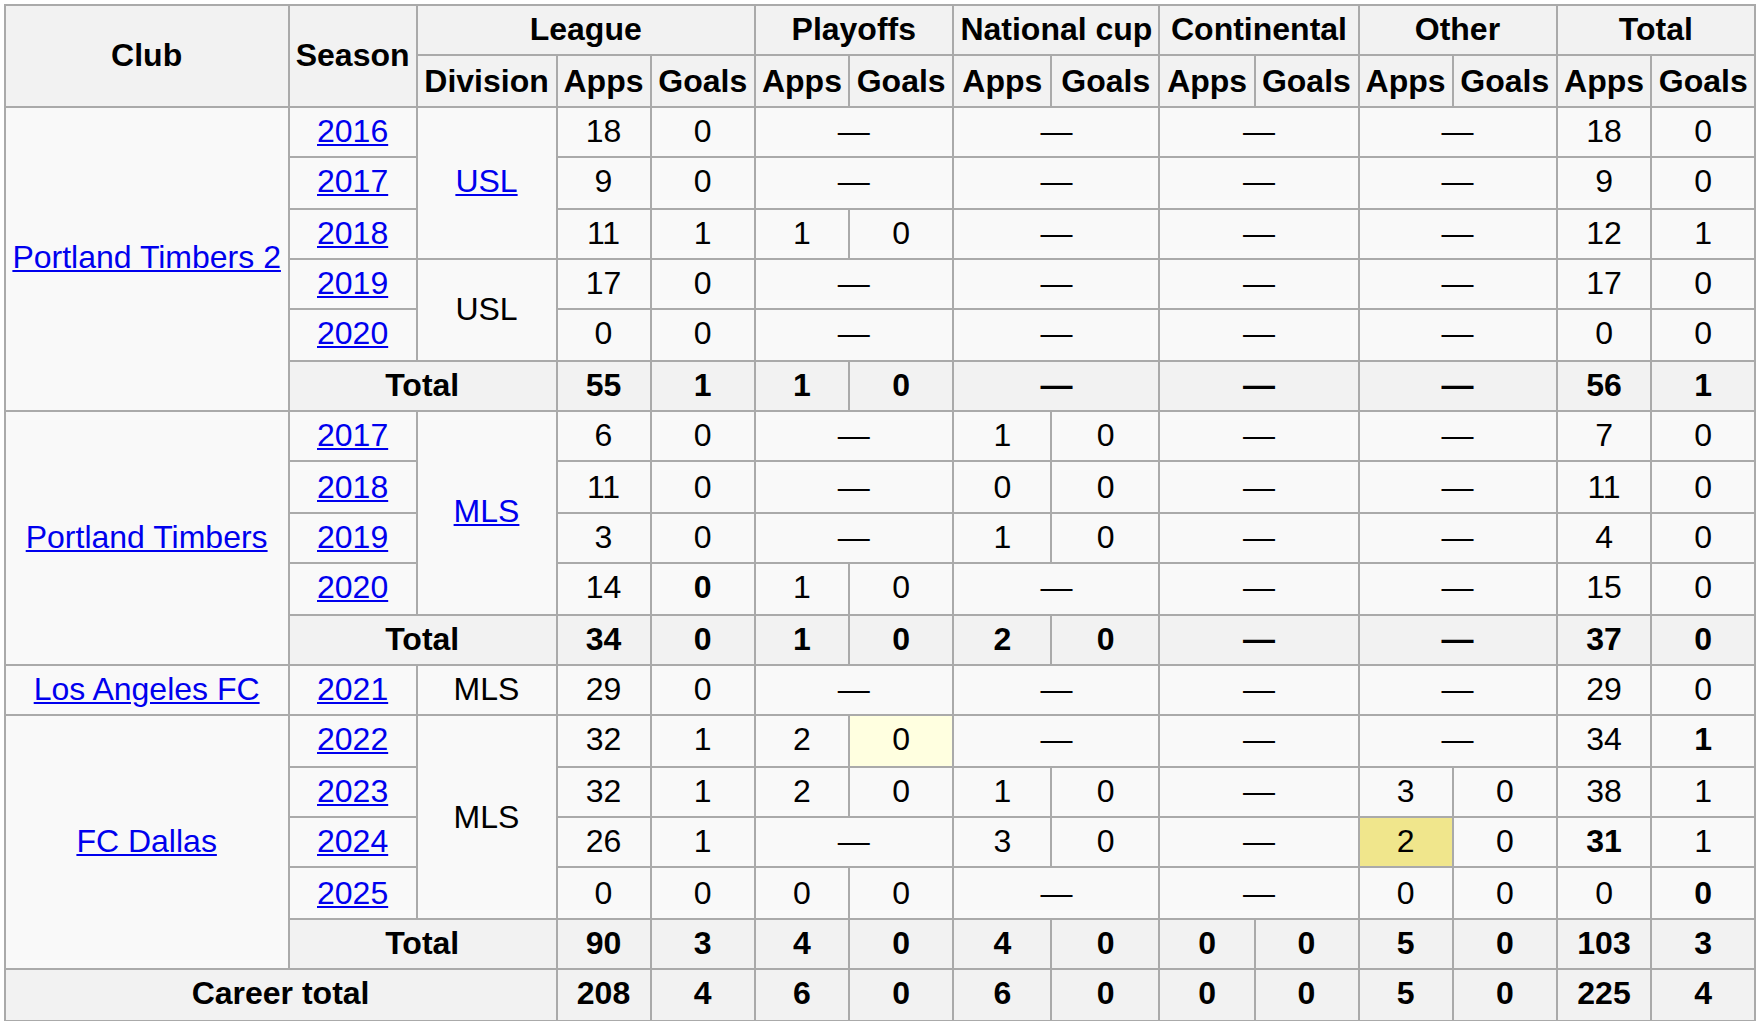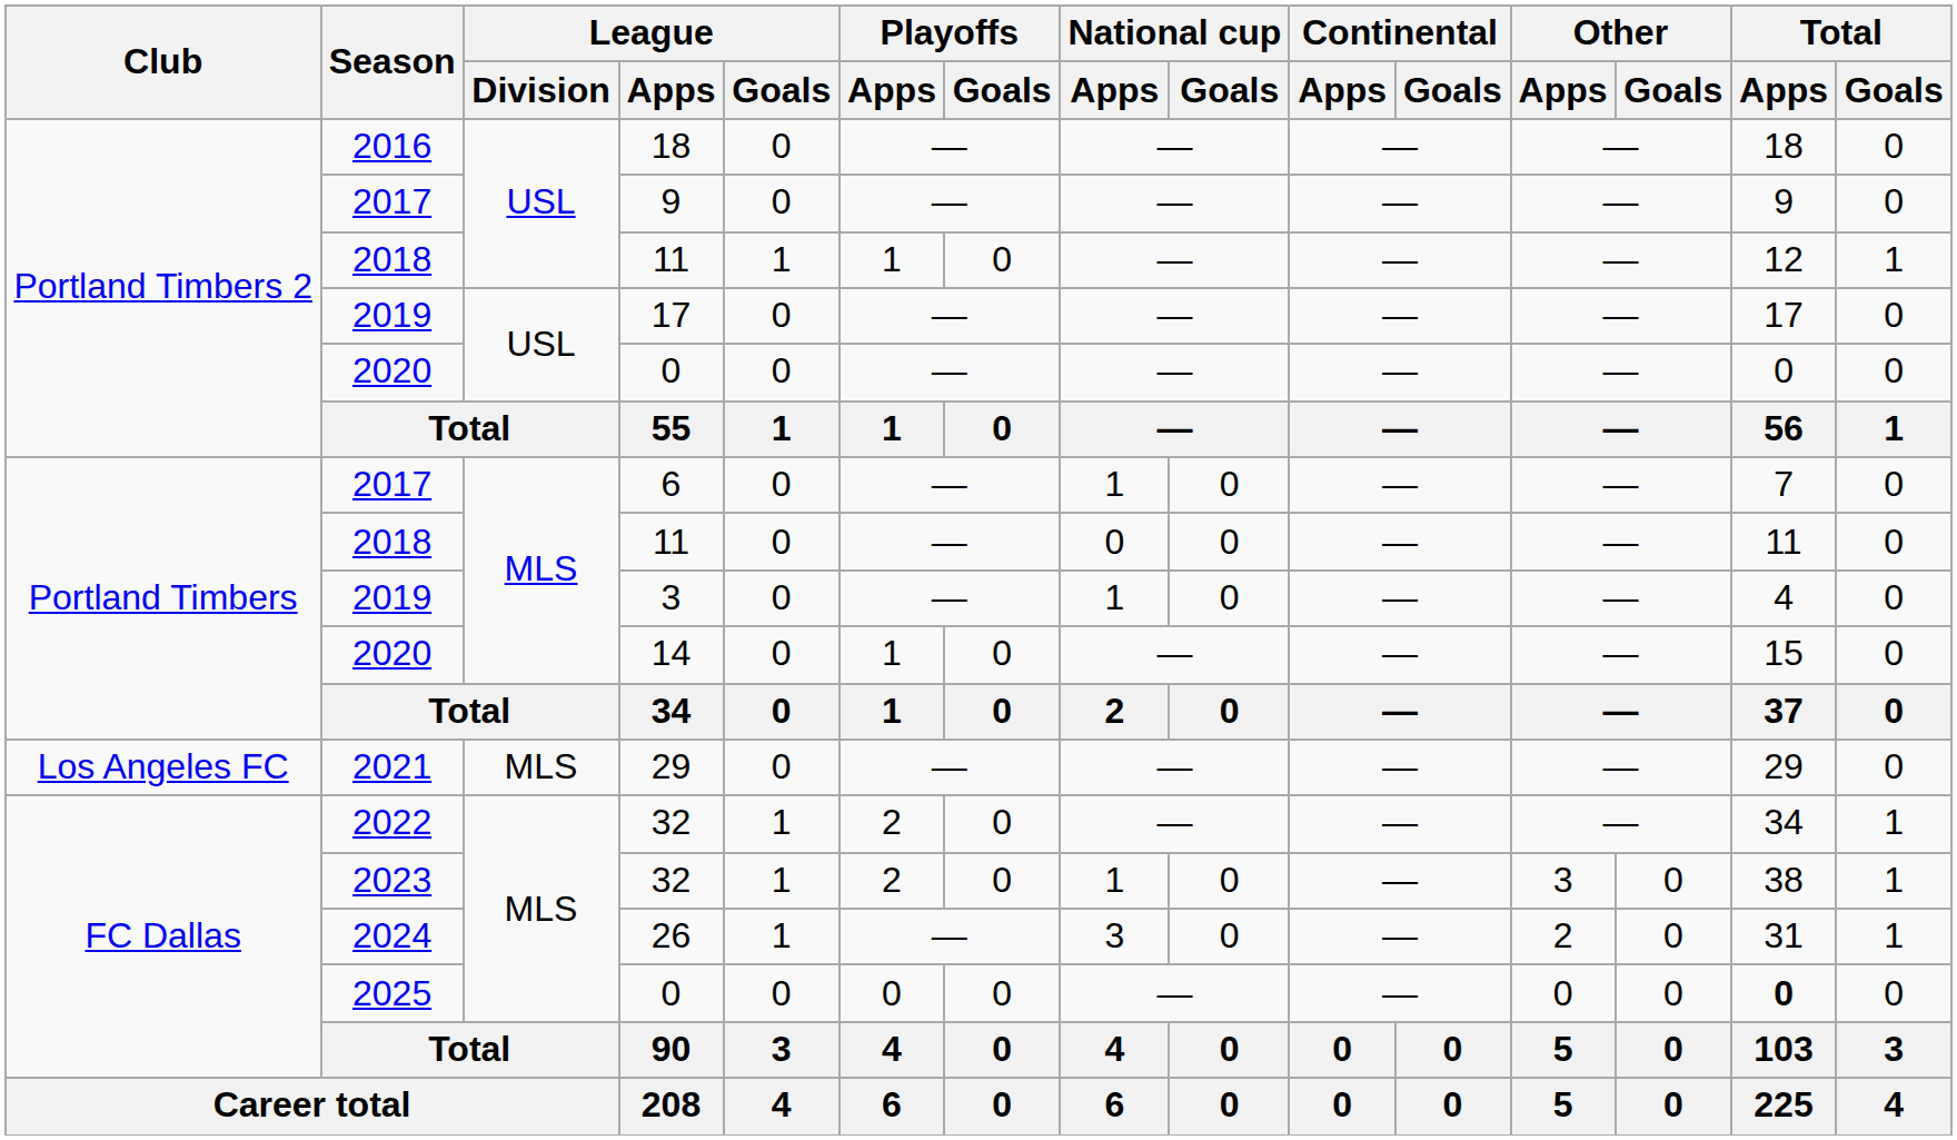 <table class="wikitable" style="text-align:center">
 <tr>
 <th rowspan="2">Club</th>
 <th rowspan="2">Season</th>
 <th colspan="3">League</th>
 <th colspan="2">Playoffs</th>
 <th colspan="2">National cup</th>
 <th colspan="2">Continental</th>
 <th colspan="2">Other</th>
 <th colspan="2">Total</th>
 </tr>
 <tr>
 <th>Division</th>
 <th>Apps</th>
 <th>Goals</th>
 <th>Apps</th>
 <th>Goals</th>
 <th>Apps</th>
 <th>Goals</th>
 <th>Apps</th>
 <th>Goals</th>
 <th>Apps</th>
 <th>Goals</th>
 <th>Apps</th>
 <th>Goals</th>
 </tr>
 <tr>
 <td rowspan="6"><a href='#'>Portland Timbers 2</a></td>
 <td><a href='#'>2016</a></td>
 <td rowspan="3"><a href='#'>USL</a></td>
 <td>18</td>
 <td>0</td>
 <td colspan="2">—</td>
 <td colspan="2">—</td>
 <td colspan="2">—</td>
 <td colspan="2">—</td>
 <td>18</td>
 <td>0</td>
 </tr>
 <tr>
 <td><a href='#'>2017</a></td>
 <td>9</td>
 <td>0</td>
 <td colspan="2">—</td>
 <td colspan="2">—</td>
 <td colspan="2">—</td>
 <td colspan="2">—</td>
 <td>9</td>
 <td>0</td>
 </tr>
 <tr>
 <td><a href='#'>2018</a></td>
 <td>11</td>
 <td>1</td>
 <td>1</td>
 <td>0</td>
 <td colspan="2">—</td>
 <td colspan="2">—</td>
 <td colspan="2">—</td>
 <td>12</td>
 <td>1</td>
 </tr>
 <tr>
 <td><a href='#'>2019</a></td>
 <td rowspan="2">USL</td>
 <td>17</td>
 <td>0</td>
 <td colspan="2">—</td>
 <td colspan="2">—</td>
 <td colspan="2">—</td>
 <td colspan="2">—</td>
 <td>17</td>
 <td>0</td>
 </tr>
 <tr>
 <td><a href='#'>2020</a></td>
 <td>0</td>
 <td>0</td>
 <td colspan="2">—</td>
 <td colspan="2">—</td>
 <td colspan="2">—</td>
 <td colspan="2">—</td>
 <td>0</td>
 <td>0</td>
 </tr>
 <tr>
 <th colspan="2">Total</th>
 <th>55</th>
 <th>1</th>
 <th>1</th>
 <th>0</th>
 <th colspan="2">—</th>
 <th colspan="2">—</th>
 <th colspan="2">—</th>
 <th>56</th>
 <th>1</th>
 </tr>
 <tr>
 <td rowspan="5"><a href='#'>Portland Timbers</a></td>
 <td><a href='#'>2017</a></td>
 <td rowspan="4"><a href='#'>MLS</a></td>
 <td>6</td>
 <td>0</td>
 <td colspan="2">—</td>
 <td>1</td>
 <td>0</td>
 <td colspan="2">—</td>
 <td colspan="2">—</td>
 <td>7</td>
 <td>0</td>
 </tr>
 <tr>
 <td><a href='#'>2018</a></td>
 <td>11</td>
 <td>0</td>
 <td colspan="2">—</td>
 <td>0</td>
 <td>0</td>
 <td colspan="2">—</td>
 <td colspan="2">—</td>
 <td>11</td>
 <td>0</td>
 </tr>
 <tr>
 <td><a href='#'>2019</a></td>
 <td>3</td>
 <td>0</td>
 <td colspan="2">—</td>
 <td>1</td>
 <td>0</td>
 <td colspan="2">—</td>
 <td colspan="2">—</td>
 <td>4</td>
 <td>0</td>
 </tr>
 <tr>
 <td><a href='#'>2020</a></td>
 <td>14</td>
-<td><strong>0</strong></td>
+<td>0</td>
 <td>1</td>
 <td>0</td>
 <td colspan="2">—</td>
 <td colspan="2">—</td>
 <td colspan="2">—</td>
 <td>15</td>
 <td>0</td>
 </tr>
 <tr>
 <th colspan="2">Total</th>
 <th>34</th>
 <th>0</th>
 <th>1</th>
 <th>0</th>
 <th>2</th>
 <th>0</th>
 <th colspan="2">—</th>
 <th colspan="2">—</th>
 <th>37</th>
 <th>0</th>
 </tr>
 <tr>
 <td><a href='#'>Los Angeles FC</a></td>
 <td><a href='#'>2021</a></td>
 <td>MLS</td>
 <td>29</td>
 <td>0</td>
 <td colspan="2">—</td>
 <td colspan="2">—</td>
 <td colspan="2">—</td>
 <td colspan="2">—</td>
 <td>29</td>
 <td>0</td>
 </tr>
 <tr>
 <td rowspan="5"><a href='#'>FC Dallas</a></td>
 <td><a href='#'>2022</a></td>
 <td rowspan="4">MLS</td>
 <td>32</td>
 <td>1</td>
 <td>2</td>
-<td style="background: lightyellow;">0</td>
+<td>0</td>
 <td colspan="2">—</td>
 <td colspan="2">—</td>
 <td colspan="2">—</td>
 <td>34</td>
-<td><strong>1</strong></td>
+<td>1</td>
 </tr>
 <tr>
 <td><a href='#'>2023</a></td>
 <td>32</td>
 <td>1</td>
 <td>2</td>
 <td>0</td>
 <td>1</td>
 <td>0</td>
 <td colspan="2">—</td>
 <td>3</td>
 <td>0</td>
 <td>38</td>
 <td>1</td>
 </tr>
 <tr>
 <td><a href='#'>2024</a></td>
 <td>26</td>
 <td>1</td>
 <td colspan="2">—</td>
 <td>3</td>
 <td>0</td>
 <td colspan="2">—</td>
-<td style="background: khaki;">2</td>
+<td>2</td>
 <td>0</td>
-<td><strong>31</strong></td>
+<td>31</td>
 <td>1</td>
 </tr>
 <tr>
 <td><a href='#'>2025</a></td>
 <td>0</td>
 <td>0</td>
 <td>0</td>
 <td>0</td>
 <td colspan="2">—</td>
 <td colspan="2">—</td>
 <td>0</td>
 <td>0</td>
+<td><strong>0</strong></td>
 <td>0</td>
-<td><strong>0</strong></td>
 </tr>
 <tr>
 <th colspan="2">Total</th>
 <th>90</th>
 <th>3</th>
 <th>4</th>
 <th>0</th>
 <th>4</th>
 <th>0</th>
 <th>0</th>
 <th>0</th>
 <th>5</th>
 <th>0</th>
 <th>103</th>
 <th>3</th>
 </tr>
 <tr>
 <th colspan="3">Career total</th>
 <th>208</th>
 <th>4</th>
 <th>6</th>
 <th>0</th>
 <th>6</th>
 <th>0</th>
 <th>0</th>
 <th>0</th>
 <th>5</th>
 <th>0</th>
 <th>225</th>
 <th>4</th>
 </tr>
 </table>
